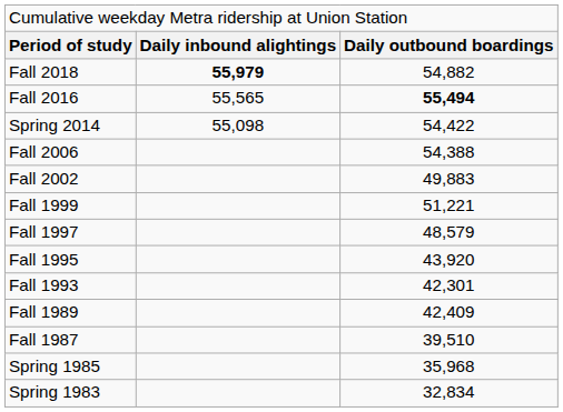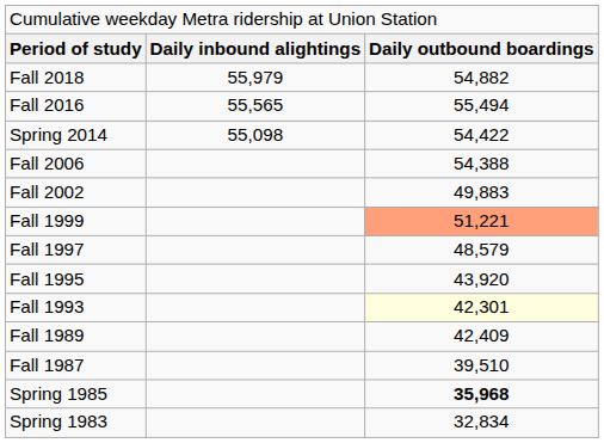 <table class="wikitable mw-collapsible mw-collapsed">
 <tr>
 <td colspan=9>Cumulative weekday Metra ridership at Union Station</td>
 </tr>
 <tr>
 <th>Period of study</th>
 <th>Daily inbound alightings</th>
 <th>Daily outbound boardings</th>
 </tr>
 <tr>
 <td>Fall 2018</td>
-<td align=center><strong>55,979</strong></td>
+<td align=center>55,979</td>
 <td align=center>54,882</td>
 </tr>
 <tr>
 <td>Fall 2016</td>
 <td align=center>55,565</td>
-<td align=center><strong>55,494</strong></td>
+<td align=center>55,494</td>
 </tr>
 <tr>
 <td>Spring 2014</td>
 <td align=center>55,098</td>
 <td align=center>54,422</td>
 </tr>
 <tr>
 <td>Fall 2006</td>
 <td align=center></td>
 <td align=center>54,388</td>
 </tr>
 <tr>
 <td>Fall 2002</td>
 <td align=center></td>
 <td align=center>49,883</td>
 </tr>
 <tr>
 <td>Fall 1999</td>
 <td align=center></td>
-<td align=center>51,221</td>
+<td align=center style="background: lightsalmon;">51,221</td>
 </tr>
 <tr>
 <td>Fall 1997</td>
 <td align=center></td>
 <td align=center>48,579</td>
 </tr>
 <tr>
 <td>Fall 1995</td>
 <td align=center></td>
 <td align=center>43,920</td>
 </tr>
 <tr>
 <td>Fall 1993</td>
 <td align=center></td>
-<td align=center>42,301</td>
+<td align=center style="background: lightyellow;">42,301</td>
 </tr>
 <tr>
 <td>Fall 1989</td>
 <td align=center></td>
 <td align=center>42,409</td>
 </tr>
 <tr>
 <td>Fall 1987</td>
 <td align=center></td>
 <td align=center>39,510</td>
 </tr>
 <tr>
 <td>Spring 1985</td>
 <td align=center></td>
-<td align=center>35,968</td>
+<td align=center><strong>35,968</strong></td>
 </tr>
 <tr>
 <td>Spring 1983</td>
 <td align=center></td>
 <td align=center>32,834</td>
 </tr>
 </table>
